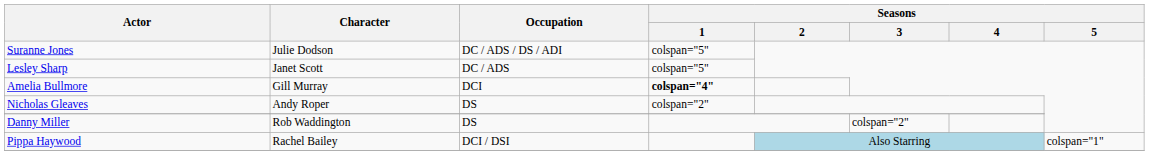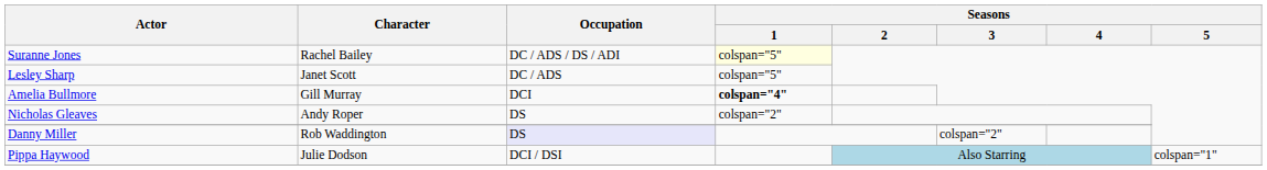 <table class="wikitable plainrowheaders" style="width:100%;">
 <tr>
 <th scope="col" rowspan="2" style="width:14%;">Actor</th>
 <th scope="col" rowspan="2" style="width:10%;">Character</th>
 <th scope="col" rowspan="2" style="width:10%;">Occupation</th>
 <th scope="col" colspan="5">Seasons</th>
 </tr>
 <tr>
 <th scope="col" style="width:5%;">1</th>
 <th scope="col" style="width:5%;">2</th>
 <th scope="col" style="width:5%;">3</th>
 <th scope="col" style="width:5%;">4</th>
 <th scope="col" style="width:5%;">5</th>
 </tr>
 <tr>
 <td scope="row"><a href='#'>Suranne Jones</a></td>
-<td>Julie Dodson</td>
+<td>Rachel Bailey</td>
 <td>DC / ADS / DS / ADI</td>
-<td>colspan="5" </td>
+<td style="background: lightyellow;">colspan="5" </td>
 </tr>
 <tr>
 <td scope="row"><a href='#'>Lesley Sharp</a></td>
 <td>Janet Scott</td>
 <td>DC / ADS</td>
 <td>colspan="5" </td>
 </tr>
 <tr>
 <td scope="row"><a href='#'>Amelia Bullmore</a></td>
 <td>Gill Murray</td>
 <td>DCI</td>
 <td><strong>colspan="4" </strong></td>
 <td colspan="1"></td>
 </tr>
 <tr>
 <td scope="row"><a href='#'>Nicholas Gleaves</a></td>
 <td>Andy Roper</td>
 <td>DS</td>
 <td>colspan="2" </td>
 <td colspan="3"></td>
 </tr>
 <tr>
 </tr>
 <tr>
 <td scope="row"><a href='#'>Danny Miller</a></td>
 <td>Rob Waddington</td>
-<td>DS</td>
+<td style="background: lavender;">DS</td>
 <td colspan="2"></td>
 <td>colspan="2" </td>
 <td colspan="1"></td>
 </tr>
 <tr>
 <td scope="row"><a href='#'>Pippa Haywood</a></td>
-<td>Rachel Bailey</td>
+<td>Julie Dodson</td>
 <td>DCI / DSI</td>
 <td colspan="1"></td>
 <td align="center" colspan="3" style="background: #ADD8E6">Also Starring</td>
 <td>colspan="1" </td>
 </tr>
 <tr>
 </tr>
 </table>
